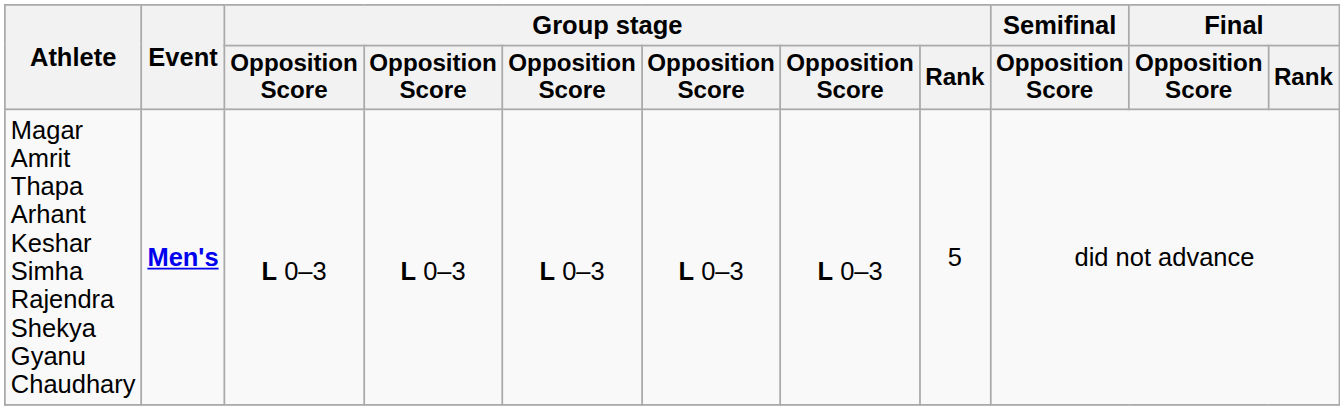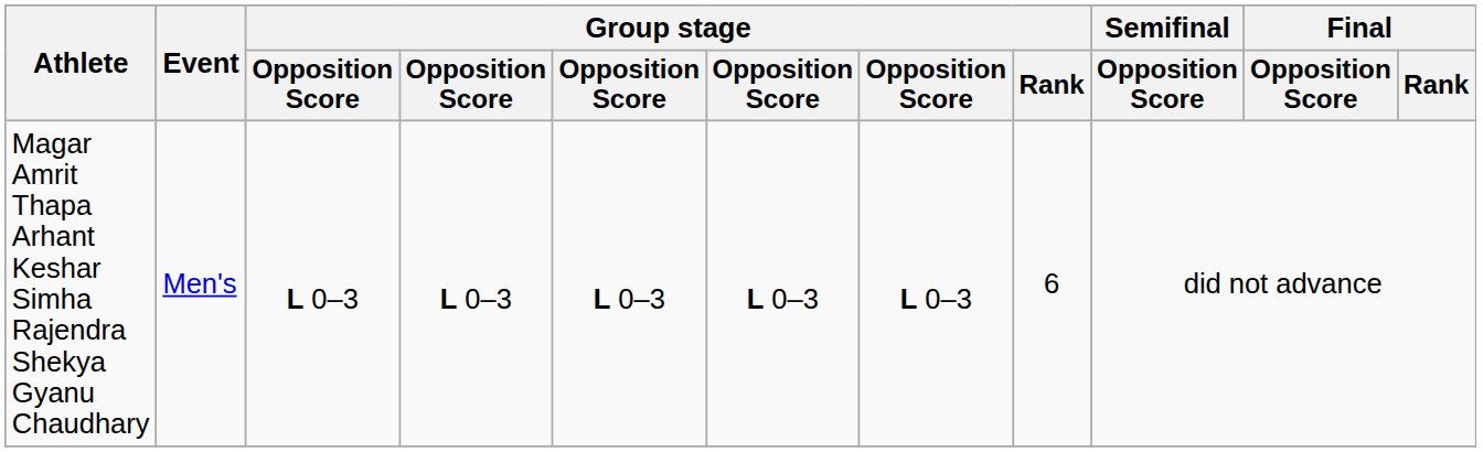 <table class=wikitable style=font-size:90%;text-align:center>
 <tr>
 <th rowspan="2">Athlete</th>
 <th rowspan="2">Event</th>
 <th colspan="6">Group stage</th>
 <th>Semifinal</th>
 <th colspan="2">Final</th>
 </tr>
 <tr style="font-size:95%">
 <th>Opposition<br>Score</th>
 <th>Opposition<br>Score</th>
 <th>Opposition<br>Score</th>
 <th>Opposition<br>Score</th>
 <th>Opposition<br>Score</th>
 <th>Rank</th>
 <th>Opposition<br>Score</th>
 <th>Opposition<br>Score</th>
 <th>Rank</th>
 </tr>
 <tr>
 <td align=left>Magar Amrit Thapa<br>Arhant Keshar Simha<br>Rajendra Shekya<br>Gyanu Chaudhary</td>
-<td align=left><strong><a href='#'>Men's</a></strong></td>
+<td align=left><a href='#'>Men's</a></td>
 <td><br><strong>L</strong> 0–3</td>
 <td><br><strong>L</strong> 0–3</td>
 <td><br><strong>L</strong> 0–3</td>
 <td><br><strong>L</strong> 0–3</td>
 <td><br><strong>L</strong> 0–3</td>
-<td>5</td>
+<td>6</td>
 <td colspan=3>did not advance</td>
 </tr>
 </table>
